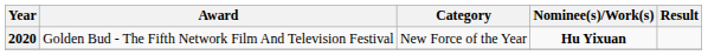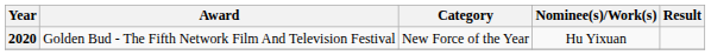 <table class="wikitable sortable plainrowheaders">
 <tr>
 <th scope="col">Year</th>
 <th scope="col">Award</th>
 <th scope="col">Category</th>
 <th scope="col">Nominee(s)/Work(s)</th>
 <th scope="col">Result</th>
 </tr>
 <tr>
 <th scope="row">2020</th>
 <td>Golden Bud - The Fifth Network Film And  Television Festival</td>
 <td>New Force of the Year</td>
-<td style="text-align:center"><strong>Hu Yixuan</strong></td>
+<td style="text-align:center">Hu Yixuan</td>
 <td></td>
 </tr>
 <tr>
 </tr>
 </table>
